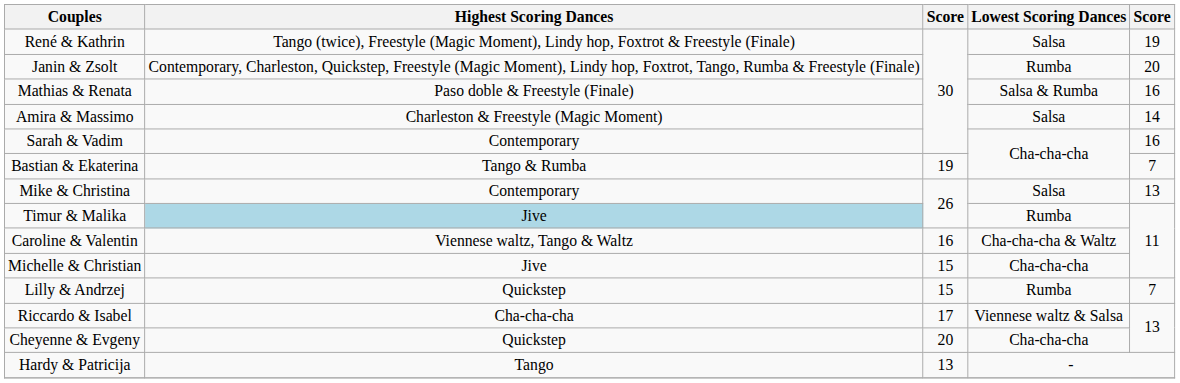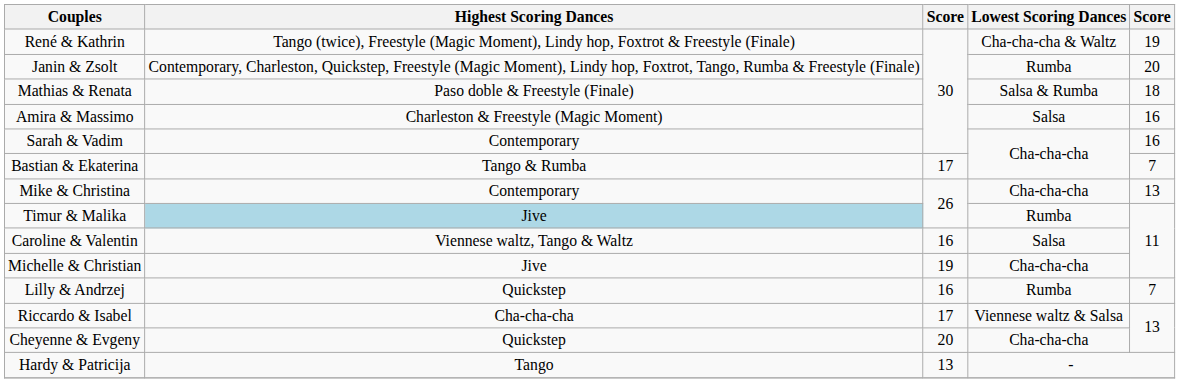 <table class="wikitable sortable" style="text-align:center;">
 <tr>
 <th>Couples</th>
 <th>Highest Scoring Dances</th>
 <th>Score</th>
 <th>Lowest Scoring Dances</th>
 <th>Score</th>
 </tr>
 <tr>
 <td>René & Kathrin</td>
 <td>Tango (twice), Freestyle (Magic Moment), Lindy hop, Foxtrot & Freestyle (Finale)</td>
 <td rowspan="5">30</td>
-<td>Salsa</td>
+<td>Cha-cha-cha & Waltz</td>
 <td>19</td>
 </tr>
 <tr>
 <td>Janin & Zsolt</td>
 <td>Contemporary, Charleston, Quickstep, Freestyle (Magic Moment), Lindy hop, Foxtrot, Tango, Rumba & Freestyle (Finale)</td>
 <td>Rumba</td>
 <td>20</td>
 </tr>
 <tr>
 <td>Mathias & Renata</td>
 <td>Paso doble & Freestyle (Finale)</td>
 <td>Salsa & Rumba</td>
-<td>16</td>
+<td>18</td>
 </tr>
 <tr>
 <td>Amira & Massimo</td>
 <td>Charleston & Freestyle (Magic Moment)</td>
 <td>Salsa</td>
-<td>14</td>
+<td>16</td>
 </tr>
 <tr>
 <td>Sarah & Vadim</td>
 <td>Contemporary</td>
 <td rowspan="2">Cha-cha-cha</td>
 <td>16</td>
 </tr>
 <tr>
 <td>Bastian & Ekaterina</td>
 <td>Tango & Rumba</td>
-<td>19</td>
+<td>17</td>
 <td>7</td>
 </tr>
 <tr>
 <td>Mike & Christina</td>
 <td>Contemporary</td>
 <td rowspan="2">26</td>
-<td>Salsa</td>
+<td>Cha-cha-cha</td>
 <td>13</td>
 </tr>
 <tr>
 <td>Timur & Malika</td>
 <td style="background: lightblue;">Jive</td>
 <td>Rumba</td>
 <td rowspan="3">11</td>
 </tr>
 <tr>
 <td>Caroline & Valentin</td>
 <td>Viennese waltz, Tango & Waltz</td>
 <td>16</td>
-<td>Cha-cha-cha & Waltz</td>
+<td>Salsa</td>
 </tr>
 <tr>
 <td>Michelle & Christian</td>
 <td>Jive</td>
-<td>15</td>
+<td>19</td>
 <td>Cha-cha-cha</td>
 </tr>
 <tr>
 <td>Lilly & Andrzej</td>
 <td>Quickstep</td>
-<td>15</td>
+<td>16</td>
 <td>Rumba</td>
 <td>7</td>
 </tr>
 <tr>
 <td>Riccardo & Isabel</td>
 <td>Cha-cha-cha</td>
 <td>17</td>
 <td>Viennese waltz & Salsa</td>
 <td rowspan="2">13</td>
 </tr>
 <tr>
 <td>Cheyenne & Evgeny</td>
 <td>Quickstep</td>
 <td>20</td>
 <td>Cha-cha-cha</td>
 </tr>
 <tr>
 <td>Hardy & Patricija</td>
 <td>Tango</td>
 <td>13</td>
 <td colspan="2">-</td>
 </tr>
 <tr>
 </tr>
 </table>
